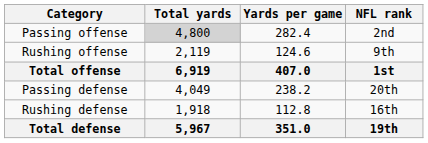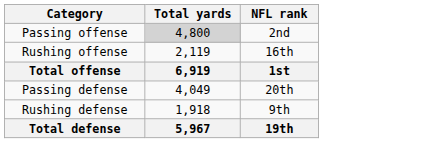 <table class="wikitable" style="text-align:center">
 <tr>
 <th width="150">Category</th>
 <th width="100">Total yards</th>
-<th width="110">Yards per game</th>
 <th width="80">NFL rank<br></th>
 </tr>
 <tr>
 <td>Passing offense</td>
 <td style="background: lightgrey;">4,800</td>
-<td>282.4</td>
 <td>2nd</td>
 </tr>
 <tr>
 <td>Rushing offense</td>
 <td>2,119</td>
-<td>124.6</td>
-<td>9th</td>
+<td>16th</td>
 </tr>
 <tr>
 <th>Total offense</th>
 <th>6,919</th>
-<th>407.0</th>
 <th>1st</th>
 </tr>
 <tr>
 <td>Passing defense</td>
 <td>4,049</td>
-<td>238.2</td>
 <td>20th</td>
 </tr>
 <tr>
 <td>Rushing defense</td>
 <td>1,918</td>
-<td>112.8</td>
-<td>16th</td>
+<td>9th</td>
 </tr>
 <tr>
 <th>Total defense</th>
 <th>5,967</th>
-<th>351.0</th>
 <th>19th</th>
 </tr>
 </table>
